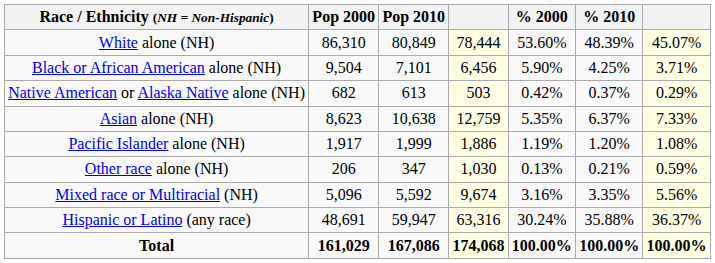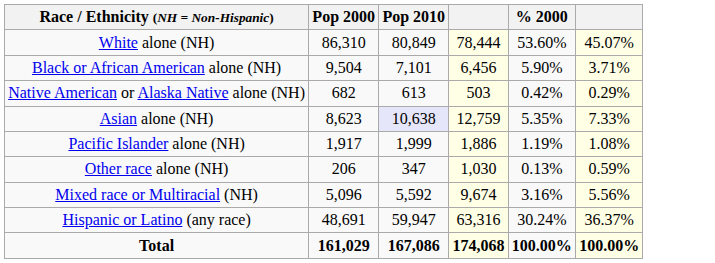 <table class="wikitable" style="text-align:center;">
 <tr>
 <th>Race / Ethnicity <small>(<em>NH = Non-Hispanic</em>)</small></th>
 <th>Pop 2000</th>
 <th>Pop 2010</th>
 <th></th>
 <th>% 2000</th>
-<th>% 2010</th>
 <th></th>
 </tr>
 <tr>
 <td><a href='#'>White</a> alone (NH)</td>
 <td>86,310</td>
 <td>80,849</td>
 <td style='background: #ffffe6;'>78,444</td>
 <td>53.60%</td>
-<td>48.39%</td>
 <td style='background: #ffffe6;'>45.07%</td>
 </tr>
 <tr>
 <td><a href='#'>Black or African American</a> alone (NH)</td>
 <td>9,504</td>
 <td>7,101</td>
 <td style='background: #ffffe6;'>6,456</td>
 <td>5.90%</td>
-<td>4.25%</td>
 <td style='background: #ffffe6;'>3.71%</td>
 </tr>
 <tr>
 <td><a href='#'>Native American</a> or <a href='#'>Alaska Native</a> alone (NH)</td>
 <td>682</td>
 <td>613</td>
 <td style='background: #ffffe6;'>503</td>
 <td>0.42%</td>
-<td>0.37%</td>
 <td style='background: #ffffe6;'>0.29%</td>
 </tr>
 <tr>
 <td><a href='#'>Asian</a> alone (NH)</td>
 <td>8,623</td>
-<td>10,638</td>
+<td style="background: lavender;">10,638</td>
 <td style='background: #ffffe6;'>12,759</td>
 <td>5.35%</td>
-<td>6.37%</td>
 <td style='background: #ffffe6;'>7.33%</td>
 </tr>
 <tr>
 <td><a href='#'>Pacific Islander</a> alone (NH)</td>
 <td>1,917</td>
 <td>1,999</td>
 <td style='background: #ffffe6;'>1,886</td>
 <td>1.19%</td>
-<td>1.20%</td>
 <td style='background: #ffffe6;'>1.08%</td>
 </tr>
 <tr>
 <td><a href='#'>Other race</a> alone (NH)</td>
 <td>206</td>
 <td>347</td>
 <td style='background: #ffffe6;'>1,030</td>
 <td>0.13%</td>
-<td>0.21%</td>
 <td style='background: #ffffe6;'>0.59%</td>
 </tr>
 <tr>
 <td><a href='#'>Mixed race or Multiracial</a> (NH)</td>
 <td>5,096</td>
 <td>5,592</td>
 <td style='background: #ffffe6;'>9,674</td>
 <td>3.16%</td>
-<td>3.35%</td>
 <td style='background: #ffffe6;'>5.56%</td>
 </tr>
 <tr>
 <td><a href='#'>Hispanic or Latino</a> (any race)</td>
 <td>48,691</td>
 <td>59,947</td>
 <td style='background: #ffffe6;'>63,316</td>
 <td>30.24%</td>
-<td>35.88%</td>
 <td style='background: #ffffe6;'>36.37%</td>
 </tr>
 <tr>
 <td><strong>Total</strong></td>
 <td><strong>161,029</strong></td>
 <td><strong>167,086</strong></td>
 <td style='background: #ffffe6;'><strong>174,068</strong></td>
 <td><strong>100.00%</strong></td>
-<td><strong>100.00%</strong></td>
 <td style='background: #ffffe6;'><strong>100.00%</strong></td>
 </tr>
 </table>
